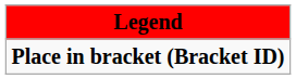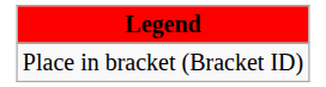 <table class="wikitable" style="margin:1em auto; text-align:center;" font-size:85%>
 <tr>
 <th style="background:red ;"><strong>Legend</strong></th>
 </tr>
 <tr>
-<td><strong>Place in bracket (Bracket ID)</strong></td>
+<td>Place in bracket (Bracket ID)</td>
 </tr>
 </table>
